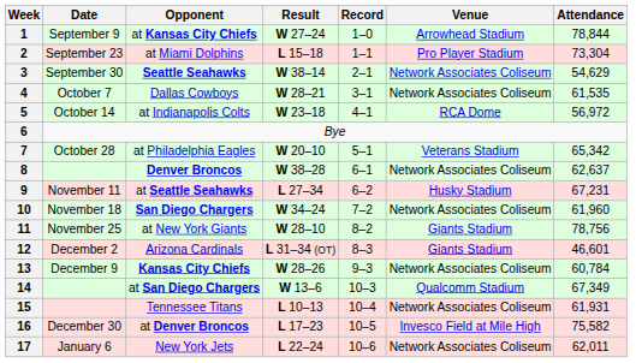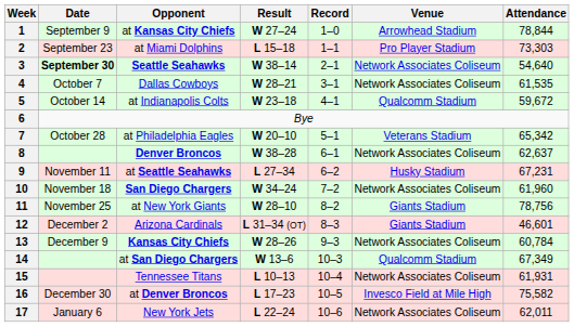 <table class="wikitable" style="text-align:center">
 <tr>
 <th>Week</th>
 <th>Date</th>
 <th>Opponent</th>
 <th>Result</th>
 <th>Record</th>
 <th>Venue</th>
 <th>Attendance</th>
 </tr>
 <tr style="background:#dfd">
 <th>1</th>
 <td>September 9</td>
 <td>at <strong><a href='#'>Kansas City Chiefs</a></strong></td>
 <td><strong>W</strong> 27–24</td>
 <td>1–0</td>
 <td><a href='#'>Arrowhead Stadium</a></td>
 <td>78,844</td>
 </tr>
 <tr style="background:#fdd">
 <th>2</th>
 <td>September 23</td>
 <td>at <a href='#'>Miami Dolphins</a></td>
 <td><strong>L</strong> 15–18</td>
 <td>1–1</td>
 <td><a href='#'>Pro Player Stadium</a></td>
-<td>73,304</td>
+<td>73,303</td>
 </tr>
 <tr style="background:#dfd">
 <th>3</th>
-<td>September 30</td>
+<td><strong>September 30</strong></td>
 <td><strong><a href='#'>Seattle Seahawks</a></strong></td>
 <td><strong>W</strong> 38–14</td>
 <td>2–1</td>
 <td><a href='#'>Network Associates Coliseum</a></td>
-<td>54,629</td>
+<td>54,640</td>
 </tr>
 <tr style="background:#dfd">
 <th>4</th>
 <td>October 7</td>
 <td><a href='#'>Dallas Cowboys</a></td>
 <td><strong>W</strong> 28–21</td>
 <td>3–1</td>
 <td>Network Associates Coliseum</td>
 <td>61,535</td>
 </tr>
 <tr style="background:#dfd">
 <th>5</th>
 <td>October 14</td>
 <td>at <a href='#'>Indianapolis Colts</a></td>
 <td><strong>W</strong> 23–18</td>
 <td>4–1</td>
-<td><a href='#'>RCA Dome</a></td>
-<td>56,972</td>
+<td><a href='#'>Qualcomm Stadium</a></td>
+<td>59,672</td>
 </tr>
 <tr>
 <th>6</th>
 <td colspan=6 align="center"><em>Bye</em></td>
 </tr>
 <tr style="background:#dfd">
 <th>7</th>
 <td>October 28</td>
 <td>at <a href='#'>Philadelphia Eagles</a></td>
 <td><strong>W</strong> 20–10</td>
 <td>5–1</td>
 <td><a href='#'>Veterans Stadium</a></td>
 <td>65,342</td>
 </tr>
 <tr style="background:#dfd">
 <th>8</th>
 <td></td>
 <td><strong><a href='#'>Denver Broncos</a></strong></td>
 <td><strong>W</strong> 38–28</td>
 <td>6–1</td>
 <td>Network Associates Coliseum</td>
 <td>62,637</td>
 </tr>
 <tr style="background:#fdd">
 <th>9</th>
 <td>November 11</td>
 <td>at <strong><a href='#'>Seattle Seahawks</a></strong></td>
 <td><strong>L</strong> 27–34</td>
 <td>6–2</td>
 <td><a href='#'>Husky Stadium</a></td>
 <td>67,231</td>
 </tr>
 <tr style="background:#dfd">
 <th>10</th>
 <td>November 18</td>
 <td><strong><a href='#'>San Diego Chargers</a></strong></td>
 <td><strong>W</strong> 34–24</td>
 <td>7–2</td>
 <td>Network Associates Coliseum</td>
 <td>61,960</td>
 </tr>
 <tr style="background:#dfd">
 <th>11</th>
 <td>November 25</td>
 <td>at <a href='#'>New York Giants</a></td>
 <td><strong>W</strong> 28–10</td>
 <td>8–2</td>
 <td><a href='#'>Giants Stadium</a></td>
 <td>78,756</td>
 </tr>
 <tr style="background:#fdd">
 <th>12</th>
 <td>December 2</td>
 <td><a href='#'>Arizona Cardinals</a></td>
 <td><strong>L</strong> 31–34 <small>(OT)</small></td>
 <td>8–3</td>
 <td><a href='#'>Giants Stadium</a></td>
 <td>46,601</td>
 </tr>
 <tr style="background:#dfd">
 <th>13</th>
 <td>December 9</td>
 <td><strong><a href='#'>Kansas City Chiefs</a></strong></td>
 <td><strong>W</strong> 28–26</td>
 <td>9–3</td>
 <td>Network Associates Coliseum</td>
 <td>60,784</td>
 </tr>
 <tr style="background:#dfd">
 <th>14</th>
 <td></td>
 <td>at <strong><a href='#'>San Diego Chargers</a></strong></td>
 <td><strong>W</strong> 13–6</td>
 <td>10–3</td>
 <td><a href='#'>Qualcomm Stadium</a></td>
 <td>67,349</td>
 </tr>
 <tr style="background:#fdd">
 <th>15</th>
 <td></td>
 <td><a href='#'>Tennessee Titans</a></td>
 <td><strong>L</strong> 10–13</td>
 <td>10–4</td>
 <td>Network Associates Coliseum</td>
 <td>61,931</td>
 </tr>
 <tr style="background:#fdd">
 <th>16</th>
 <td>December 30</td>
 <td>at <strong><a href='#'>Denver Broncos</a></strong></td>
 <td><strong>L</strong> 17–23</td>
 <td>10–5</td>
 <td><a href='#'>Invesco Field at Mile High</a></td>
 <td>75,582</td>
 </tr>
 <tr style="background:#fdd">
 <th>17</th>
 <td>January 6</td>
 <td><a href='#'>New York Jets</a></td>
 <td><strong>L</strong> 22–24</td>
 <td>10–6</td>
 <td>Network Associates Coliseum</td>
 <td>62,011</td>
 </tr>
 </table>
